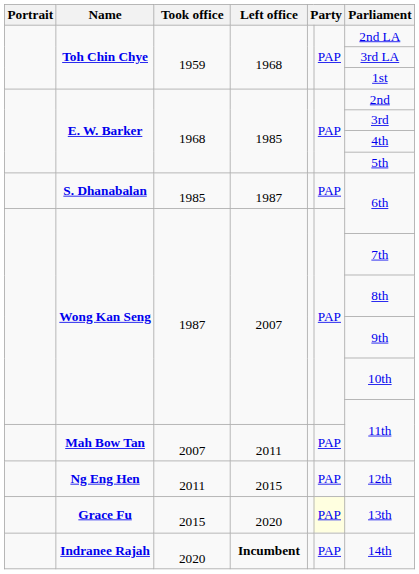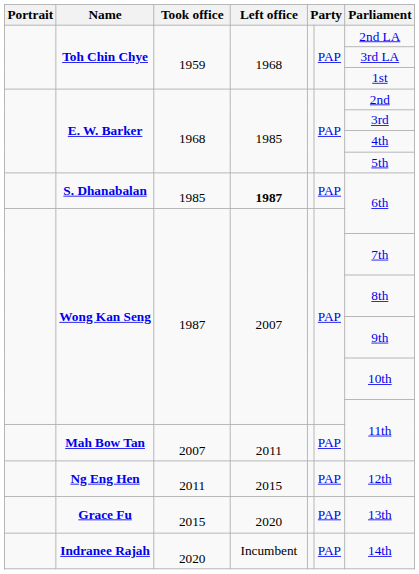 <table class="wikitable" style="text-align:center; border:1px #aaf solid;">
 <tr>
 <th>Portrait</th>
 <th>Name<br></th>
 <th width="85">Took office</th>
 <th width="85">Left office</th>
 <th colspan="2">Party</th>
 <th>Parliament</th>
 </tr>
 <tr>
 <td rowspan="3"></td>
 <td rowspan="3"><strong><a href='#'>Toh Chin Chye</a></strong><br></td>
 <td rowspan="3"><br>1959</td>
 <td rowspan="3"><br>1968</td>
 <td rowspan="3" style="background:"></td>
 <td rowspan="3"><a href='#'>PAP</a></td>
 <td><a href='#'>2nd LA</a></td>
 </tr>
 <tr>
 <td><a href='#'>3rd LA</a></td>
 </tr>
 <tr>
 <td><a href='#'>1st</a></td>
 </tr>
 <tr>
 <td rowspan="4"></td>
 <td rowspan="4"><strong><a href='#'>E. W. Barker</a></strong><br></td>
 <td rowspan="4"><br>1968</td>
 <td rowspan="4"><br>1985</td>
 <td rowspan="4" style="background:"></td>
 <td rowspan="4"><a href='#'>PAP</a></td>
 <td><a href='#'>2nd</a></td>
 </tr>
 <tr>
 <td><a href='#'>3rd</a></td>
 </tr>
 <tr>
 <td><a href='#'>4th</a></td>
 </tr>
 <tr>
 <td><a href='#'>5th</a></td>
 </tr>
 <tr>
 <td></td>
 <td><strong><a href='#'>S. Dhanabalan</a></strong><br></td>
 <td><br>1985</td>
-<td><br>1987</td>
+<td><strong><br>1987</strong></td>
 <td style="background:"></td>
 <td><a href='#'>PAP</a></td>
 <td rowspan="2"><a href='#'>6th</a></td>
 </tr>
 <tr style="height:30px;">
 <td rowspan="6"></td>
 <td rowspan="6"><strong><a href='#'>Wong Kan Seng</a></strong><br></td>
 <td rowspan="6"><br>1987</td>
 <td rowspan="6"><br>2007</td>
 <td rowspan="6" style="background:"></td>
 <td rowspan="6"><a href='#'>PAP</a></td>
 </tr>
 <tr style="height:50px;">
 <td><a href='#'>7th</a></td>
 </tr>
 <tr style="height:50px;">
 <td><a href='#'>8th</a></td>
 </tr>
 <tr style="height:50px;">
 <td><a href='#'>9th</a></td>
 </tr>
 <tr style="height:50px;">
 <td><a href='#'>10th</a></td>
 </tr>
 <tr style="height:30px;">
 <td rowspan="2"><a href='#'>11th</a></td>
 </tr>
 <tr>
 <td></td>
 <td><strong><a href='#'>Mah Bow Tan</a></strong><br></td>
 <td><br>2007</td>
 <td><br>2011</td>
 <td style="background:"></td>
 <td><a href='#'>PAP</a></td>
 </tr>
 <tr>
 <td></td>
 <td><strong><a href='#'>Ng Eng Hen</a></strong><br></td>
 <td><br>2011</td>
 <td><br>2015</td>
 <td style="background:"></td>
 <td><a href='#'>PAP</a></td>
 <td><a href='#'>12th</a></td>
 </tr>
 <tr>
 <td></td>
 <td><strong><a href='#'>Grace Fu</a></strong><br></td>
 <td><br>2015</td>
 <td><br>2020</td>
 <td style="background:"></td>
-<td style="background: lightyellow;"><a href='#'>PAP</a></td>
+<td><a href='#'>PAP</a></td>
 <td><a href='#'>13th</a></td>
 </tr>
 <tr>
 <td></td>
 <td><strong><a href='#'>Indranee Rajah</a></strong><br></td>
 <td><br>2020</td>
-<td><strong>Incumbent</strong></td>
+<td>Incumbent</td>
 <td style="background:"></td>
 <td><a href='#'>PAP</a></td>
 <td><a href='#'>14th</a></td>
 </tr>
 </table>
